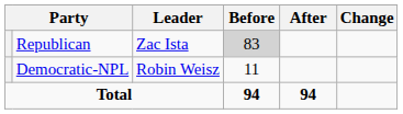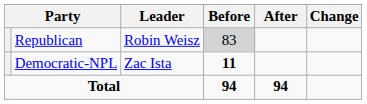 <table class="wikitable" style="text-align:center;">
 <tr>
 </tr>
 <tr>
 <th colspan="2">Party</th>
 <th>Leader</th>
 <th style="width:3em">Before</th>
 <th style="width:3em">After</th>
 <th style="width:3em">Change</th>
 </tr>
 <tr>
 <th style="background-color:"></th>
 <td style="text-align:left;"><a href='#'>Republican</a></td>
-<td style="text-align:left;"><a href='#'>Zac Ista</a></td>
+<td style="text-align:left;"><a href='#'>Robin Weisz</a></td>
 <td style="background: lightgrey;">83</td>
 <td></td>
 <td></td>
 </tr>
 <tr>
 <th style="background-color:"></th>
 <td style="text-align:left;"><a href='#'>Democratic-NPL</a></td>
-<td style="text-align:left;"><a href='#'>Robin Weisz</a></td>
-<td>11</td>
+<td style="text-align:left;"><a href='#'>Zac Ista</a></td>
+<td><strong>11</strong></td>
 <td></td>
 <td></td>
 </tr>
 <tr>
 <td colspan="3"><strong>Total</strong></td>
 <td><strong>94</strong></td>
 <td><strong>94</strong></td>
 <td></td>
 </tr>
 </table>
